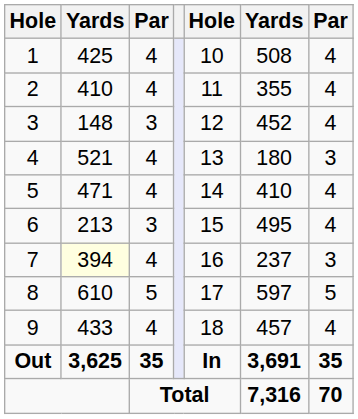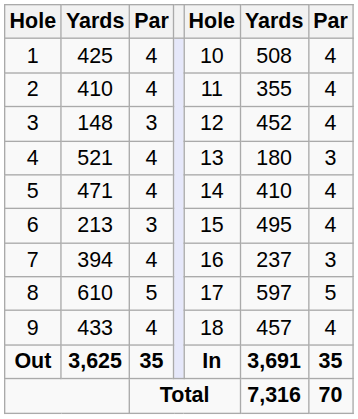 <table class="wikitable" style="text-align:center; font-size:100%;">
 <tr>
 <th>Hole</th>
 <th>Yards</th>
 <th>Par</th>
 <th></th>
 <th>Hole</th>
 <th>Yards</th>
 <th>Par</th>
 </tr>
 <tr>
 <td>1</td>
 <td>425</td>
 <td>4</td>
 <td rowspan=10 style="background:#E6E8FA;"></td>
 <td>10</td>
 <td>508</td>
 <td>4</td>
 </tr>
 <tr>
 <td>2</td>
 <td>410</td>
 <td>4</td>
 <td>11</td>
 <td>355</td>
 <td>4</td>
 </tr>
 <tr>
 <td>3</td>
 <td>148</td>
 <td>3</td>
 <td>12</td>
 <td>452</td>
 <td>4</td>
 </tr>
 <tr>
 <td>4</td>
 <td>521</td>
 <td>4</td>
 <td>13</td>
 <td>180</td>
 <td>3</td>
 </tr>
 <tr>
 <td>5</td>
 <td>471</td>
 <td>4</td>
 <td>14</td>
 <td>410</td>
 <td>4</td>
 </tr>
 <tr>
 <td>6</td>
 <td>213</td>
 <td>3</td>
 <td>15</td>
 <td>495</td>
 <td>4</td>
 </tr>
 <tr>
 <td>7</td>
-<td style="background: lightyellow;">394</td>
+<td>394</td>
 <td>4</td>
 <td>16</td>
 <td>237</td>
 <td>3</td>
 </tr>
 <tr>
 <td>8</td>
 <td>610</td>
 <td>5</td>
 <td>17</td>
 <td>597</td>
 <td>5</td>
 </tr>
 <tr>
 <td>9</td>
 <td>433</td>
 <td>4</td>
 <td>18</td>
 <td>457</td>
 <td>4</td>
 </tr>
 <tr>
 <td><strong>Out</strong></td>
 <td><strong>3,625</strong></td>
 <td><strong>35</strong></td>
 <td><strong>In</strong></td>
 <td><strong>3,691</strong></td>
 <td><strong>35</strong></td>
 </tr>
 <tr>
 <td colspan=2 align=left></td>
 <td colspan=3><strong>Total</strong></td>
 <td><strong>7,316</strong></td>
 <td><strong>70</strong></td>
 </tr>
 </table>
